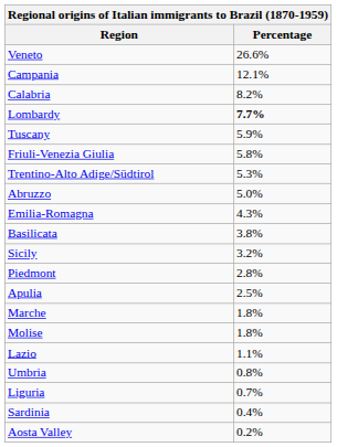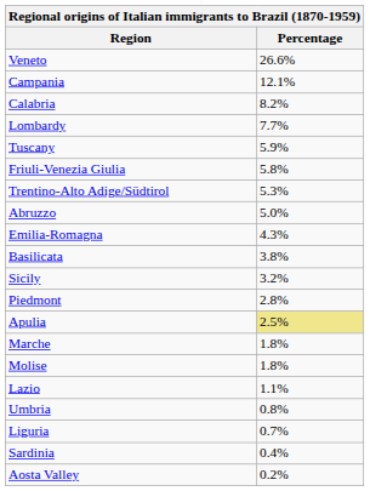 <table class=wikitable>
 <tr>
 <th colspan=4>Regional origins of Italian immigrants to Brazil (1870-1959)</th>
 </tr>
 <tr>
 <th>Region</th>
 <th>Percentage</th>
 </tr>
 <tr>
 <td><a href='#'>Veneto</a></td>
 <td>26.6%</td>
 </tr>
 <tr>
 <td><a href='#'>Campania</a></td>
 <td>12.1%</td>
 </tr>
 <tr>
 <td><a href='#'>Calabria</a></td>
 <td>8.2%</td>
 </tr>
 <tr>
 <td><a href='#'>Lombardy</a></td>
-<td><strong>7.7%</strong></td>
+<td>7.7%</td>
 </tr>
 <tr>
 <td><a href='#'>Tuscany</a></td>
 <td>5.9%</td>
 </tr>
 <tr>
 <td><a href='#'>Friuli-Venezia Giulia</a></td>
 <td>5.8%</td>
 </tr>
 <tr>
 <td><a href='#'>Trentino-Alto Adige/Südtirol</a></td>
 <td>5.3%</td>
 </tr>
 <tr>
 <td><a href='#'>Abruzzo</a></td>
 <td>5.0%</td>
 </tr>
 <tr>
 <td><a href='#'>Emilia-Romagna</a></td>
 <td>4.3%</td>
 </tr>
 <tr>
 <td><a href='#'>Basilicata</a></td>
 <td>3.8%</td>
 </tr>
 <tr>
 <td><a href='#'>Sicily</a></td>
 <td>3.2%</td>
 </tr>
 <tr>
 <td><a href='#'>Piedmont</a></td>
 <td>2.8%</td>
 </tr>
 <tr>
 <td><a href='#'>Apulia</a></td>
-<td>2.5%</td>
+<td style="background: khaki;">2.5%</td>
 </tr>
 <tr>
 <td><a href='#'>Marche</a></td>
 <td>1.8%</td>
 </tr>
 <tr>
 <td><a href='#'>Molise</a></td>
 <td>1.8%</td>
 </tr>
 <tr>
 <td><a href='#'>Lazio</a></td>
 <td>1.1%</td>
 </tr>
 <tr>
 <td><a href='#'>Umbria</a></td>
 <td>0.8%</td>
 </tr>
 <tr>
 <td><a href='#'>Liguria</a></td>
 <td>0.7%</td>
 </tr>
 <tr>
 <td><a href='#'>Sardinia</a></td>
 <td>0.4%</td>
 </tr>
 <tr>
 <td><a href='#'>Aosta Valley</a></td>
 <td>0.2%</td>
 </tr>
 </table>
